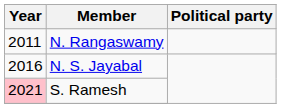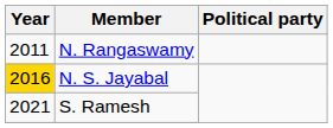 <table class="wikitable sortable">
 <tr>
 <th>Year</th>
 <th>Member</th>
 <th colspan="2">Political party</th>
 </tr>
 <tr>
 <td>2011</td>
 <td><a href='#'>N. Rangaswamy</a></td>
 <td></td>
 </tr>
 <tr>
-<td>2016</td>
+<td style="background: gold;">2016</td>
 <td><a href='#'>N. S. Jayabal</a></td>
 </tr>
 <tr>
-<td style="background: pink;">2021</td>
+<td>2021</td>
 <td>S. Ramesh</td>
 </tr>
 <tr>
 </tr>
 </table>
